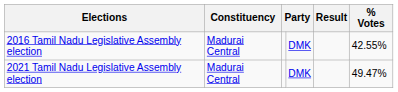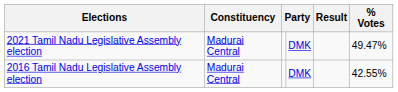 <table class="wikitable">
 <tr>
 <th>Elections</th>
 <th>Constituency</th>
 <th colspan="2">Party</th>
 <th>Result</th>
 <th>% Votes</th>
 </tr>
 <tr>
+<td><a href='#'>2021 Tamil Nadu Legislative Assembly election</a></td>
+<td><a href='#'>Madurai Central</a></td>
+<td></td>
+<td><a href='#'>DMK</a></td>
+<td></td>
+<td>49.47%</td>
+</tr>
+<tr>
 <td><a href='#'>2016 Tamil Nadu Legislative Assembly election</a></td>
 <td><a href='#'>Madurai Central</a></td>
 <td></td>
 <td><a href='#'>DMK</a></td>
 <td></td>
 <td>42.55%</td>
 </tr>
-<tr>
-<td><a href='#'>2021 Tamil Nadu Legislative Assembly election</a></td>
-<td><a href='#'>Madurai Central</a></td>
-<td></td>
-<td><a href='#'>DMK</a></td>
-<td></td>
-<td>49.47%</td>
-</tr>
 </table>
